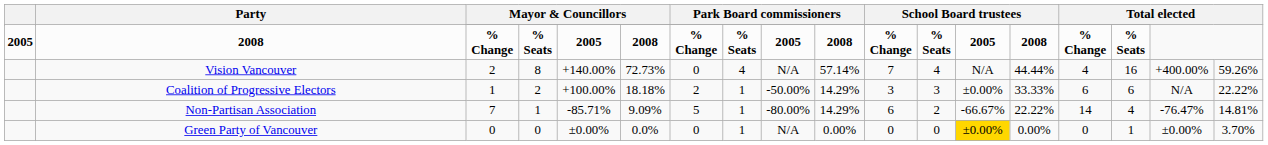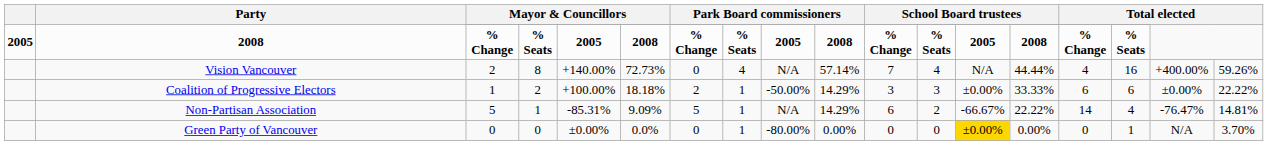 <table class="wikitable" style="text-align:center; margin:5px">
 <tr>
 <th rowspan="2" style="width:0.05%;"></th>
 <th rowspan="2" style="width:30%;">Party</th>
 <th colspan="4" style="width:10%;">Mayor & Councillors</th>
 <th colspan="4" style="width:10%;">Park Board commissioners</th>
 <th colspan="4" style="width:10%;">School Board trustees</th>
 <th colspan="4" style="width:10%;">Total elected</th>
 </tr>
 <tr>
 </tr>
 <tr bgcolor=#fcfcfc>
 <td style="text-align: center;"><strong>2005</strong></td>
 <td style="text-align: center;"><strong>2008</strong></td>
 <td style="text-align: center;"><strong>% Change</strong></td>
 <td style="text-align: center;"><strong>% Seats</strong></td>
 <td style="text-align: center;"><strong>2005</strong></td>
 <td style="text-align: center;"><strong>2008</strong></td>
 <td style="text-align: center;"><strong>% Change</strong></td>
 <td style="text-align: center;"><strong>% Seats</strong></td>
 <td style="text-align: center;"><strong>2005</strong></td>
 <td style="text-align: center;"><strong>2008</strong></td>
 <td style="text-align: center;"><strong>% Change</strong></td>
 <td style="text-align: center;"><strong>% Seats</strong></td>
 <td style="text-align: center;"><strong>2005</strong></td>
 <td style="text-align: center;"><strong>2008</strong></td>
 <td style="text-align: center;"><strong>% Change</strong></td>
 <td style="text-align: center;"><strong>% Seats</strong></td>
 </tr>
 <tr>
 <td style="background:"></td>
 <td><a href='#'>Vision Vancouver</a></td>
 <td>2</td>
 <td>8</td>
 <td>+140.00%</td>
 <td>72.73%</td>
 <td>0</td>
 <td>4</td>
 <td>N/A</td>
 <td>57.14%</td>
 <td>7</td>
 <td>4</td>
 <td>N/A</td>
 <td>44.44%</td>
 <td>4</td>
 <td>16</td>
 <td>+400.00%</td>
 <td>59.26%</td>
 </tr>
 <tr>
 <td style="background:"></td>
 <td><a href='#'>Coalition of Progressive Electors</a></td>
 <td>1</td>
 <td>2</td>
 <td>+100.00%</td>
 <td>18.18%</td>
 <td>2</td>
 <td>1</td>
 <td>-50.00%</td>
 <td>14.29%</td>
 <td>3</td>
 <td>3</td>
 <td>±0.00%</td>
 <td>33.33%</td>
 <td>6</td>
 <td>6</td>
-<td>N/A</td>
+<td>±0.00%</td>
 <td>22.22%</td>
 </tr>
 <tr>
 <td style="background:"></td>
 <td><a href='#'>Non-Partisan Association</a></td>
-<td>7</td>
+<td>5</td>
 <td>1</td>
-<td>-85.71%</td>
+<td>-85.31%</td>
 <td>9.09%</td>
 <td>5</td>
 <td>1</td>
-<td>-80.00%</td>
+<td>N/A</td>
 <td>14.29%</td>
 <td>6</td>
 <td>2</td>
 <td>-66.67%</td>
 <td>22.22%</td>
 <td>14</td>
 <td>4</td>
 <td>-76.47%</td>
 <td>14.81%</td>
 </tr>
 <tr>
 <td style="background:"></td>
 <td><a href='#'>Green Party of Vancouver</a></td>
 <td>0</td>
 <td>0</td>
 <td>±0.00%</td>
 <td>0.0%</td>
 <td>0</td>
 <td>1</td>
-<td>N/A</td>
+<td>-80.00%</td>
 <td>0.00%</td>
 <td>0</td>
 <td>0</td>
 <td style="background: gold;">±0.00%</td>
 <td>0.00%</td>
 <td>0</td>
 <td>1</td>
-<td>±0.00%</td>
+<td>N/A</td>
 <td>3.70%</td>
 </tr>
 </table>
